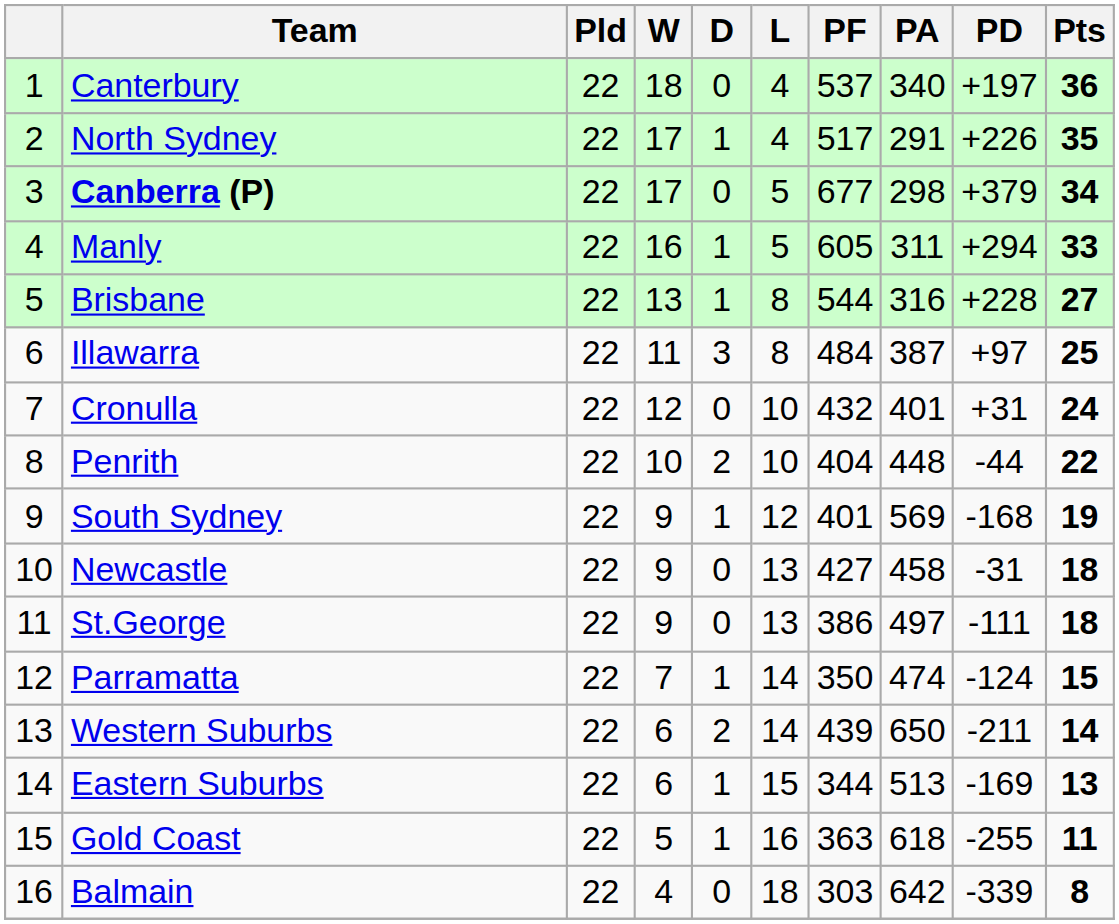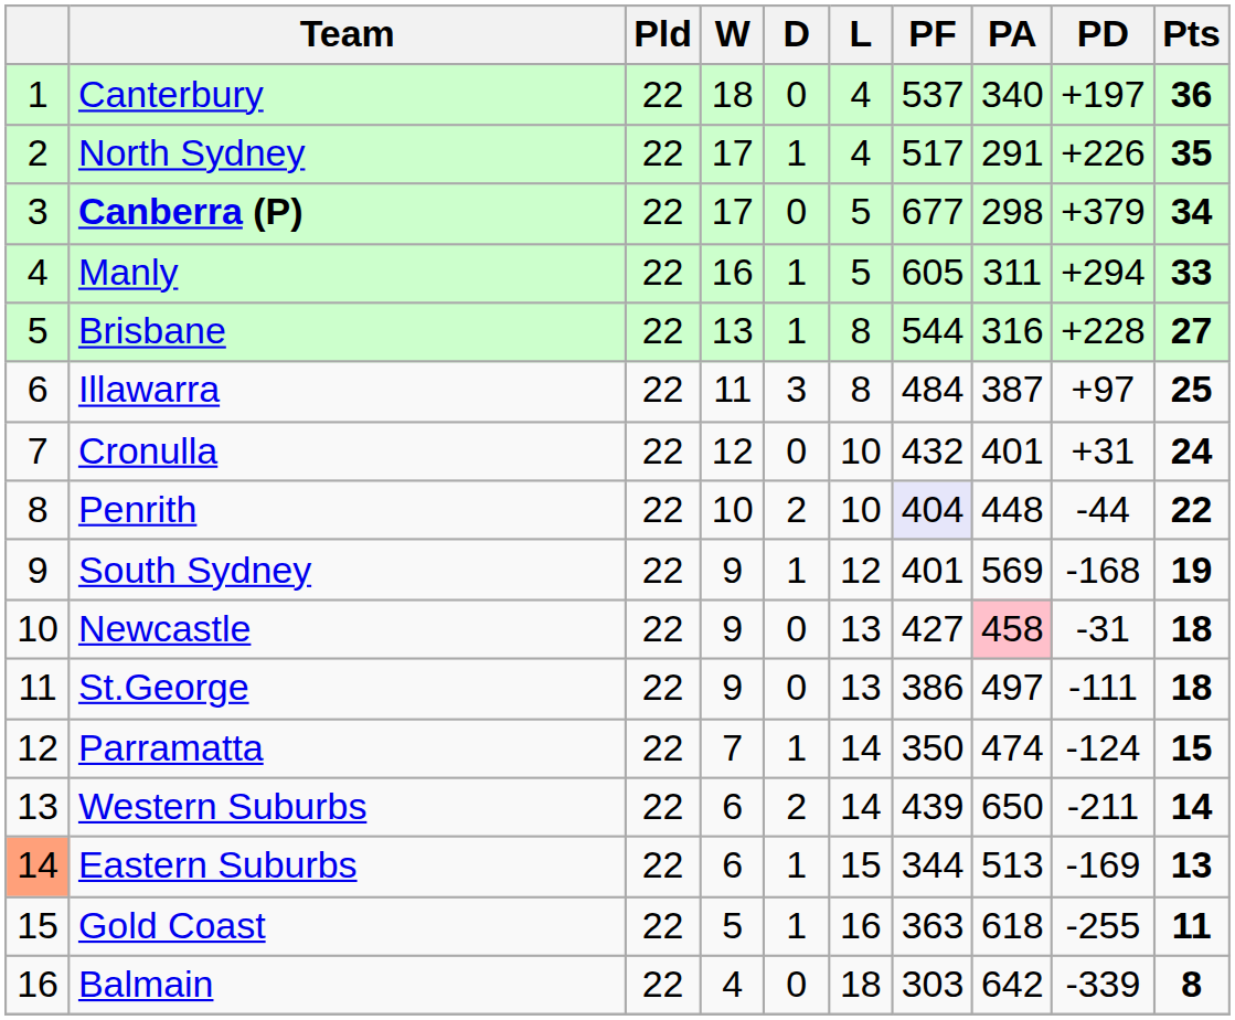 <table class="wikitable" style="text-align:center;">
 <tr>
 <th width=20 abbr="Position×"></th>
 <th width=230>Team</th>
 <th width=20 abbr="Played">Pld</th>
 <th width=20 abbr="Won">W</th>
 <th width=20 abbr="Drawn">D</th>
 <th width=20 abbr="Lost">L</th>
 <th width=20 abbr="Points for">PF</th>
 <th width=20 abbr="Points against">PA</th>
 <th width=20 abbr="Points difference">PD</th>
 <th width=20 abbr="Points">Pts</th>
 </tr>
 <tr style="background: #ccffcc;">
 <td>1</td>
 <td style="text-align:left;"> <a href='#'>Canterbury</a></td>
 <td>22</td>
 <td>18</td>
 <td>0</td>
 <td>4</td>
 <td>537</td>
 <td>340</td>
 <td>+197</td>
 <td><strong>36</strong></td>
 </tr>
 <tr style="background: #ccffcc;">
 <td>2</td>
 <td style="text-align:left;"> <a href='#'>North Sydney</a></td>
 <td>22</td>
 <td>17</td>
 <td>1</td>
 <td>4</td>
 <td>517</td>
 <td>291</td>
 <td>+226</td>
 <td><strong>35</strong></td>
 </tr>
 <tr style="background: #ccffcc;">
 <td>3</td>
 <td style="text-align:left;"><strong> <a href='#'>Canberra</a> (P)</strong></td>
 <td>22</td>
 <td>17</td>
 <td>0</td>
 <td>5</td>
 <td>677</td>
 <td>298</td>
 <td>+379</td>
 <td><strong>34</strong></td>
 </tr>
 <tr style="background: #ccffcc;">
 <td>4</td>
 <td style="text-align:left;"> <a href='#'>Manly</a></td>
 <td>22</td>
 <td>16</td>
 <td>1</td>
 <td>5</td>
 <td>605</td>
 <td>311</td>
 <td>+294</td>
 <td><strong>33</strong></td>
 </tr>
 <tr style="background: #ccffcc;">
 <td>5</td>
 <td style="text-align:left;"> <a href='#'>Brisbane</a></td>
 <td>22</td>
 <td>13</td>
 <td>1</td>
 <td>8</td>
 <td>544</td>
 <td>316</td>
 <td>+228</td>
 <td><strong>27</strong></td>
 </tr>
 <tr>
 <td>6</td>
 <td style="text-align:left;"> <a href='#'>Illawarra</a></td>
 <td>22</td>
 <td>11</td>
 <td>3</td>
 <td>8</td>
 <td>484</td>
 <td>387</td>
 <td>+97</td>
 <td><strong>25</strong></td>
 </tr>
 <tr>
 <td>7</td>
 <td style="text-align:left;"> <a href='#'>Cronulla</a></td>
 <td>22</td>
 <td>12</td>
 <td>0</td>
 <td>10</td>
 <td>432</td>
 <td>401</td>
 <td>+31</td>
 <td><strong>24</strong></td>
 </tr>
 <tr>
 <td>8</td>
 <td style="text-align:left;"> <a href='#'>Penrith</a></td>
 <td>22</td>
 <td>10</td>
 <td>2</td>
 <td>10</td>
-<td>404</td>
+<td style="background: lavender;">404</td>
 <td>448</td>
 <td>-44</td>
 <td><strong>22</strong></td>
 </tr>
 <tr>
 <td>9</td>
 <td style="text-align:left;"> <a href='#'>South Sydney</a></td>
 <td>22</td>
 <td>9</td>
 <td>1</td>
 <td>12</td>
 <td>401</td>
 <td>569</td>
 <td>-168</td>
 <td><strong>19</strong></td>
 </tr>
 <tr>
 <td>10</td>
 <td style="text-align:left;"> <a href='#'>Newcastle</a></td>
 <td>22</td>
 <td>9</td>
 <td>0</td>
 <td>13</td>
 <td>427</td>
-<td>458</td>
+<td style="background: pink;">458</td>
 <td>-31</td>
 <td><strong>18</strong></td>
 </tr>
 <tr>
 <td>11</td>
 <td style="text-align:left;"> <a href='#'>St.George</a></td>
 <td>22</td>
 <td>9</td>
 <td>0</td>
 <td>13</td>
 <td>386</td>
 <td>497</td>
 <td>-111</td>
 <td><strong>18</strong></td>
 </tr>
 <tr>
 <td>12</td>
 <td style="text-align:left;"> <a href='#'>Parramatta</a></td>
 <td>22</td>
 <td>7</td>
 <td>1</td>
 <td>14</td>
 <td>350</td>
 <td>474</td>
 <td>-124</td>
 <td><strong>15</strong></td>
 </tr>
 <tr>
 <td>13</td>
 <td style="text-align:left;"> <a href='#'>Western Suburbs</a></td>
 <td>22</td>
 <td>6</td>
 <td>2</td>
 <td>14</td>
 <td>439</td>
 <td>650</td>
 <td>-211</td>
 <td><strong>14</strong></td>
 </tr>
 <tr>
-<td>14</td>
+<td style="background: lightsalmon;">14</td>
 <td style="text-align:left;"> <a href='#'>Eastern Suburbs</a></td>
 <td>22</td>
 <td>6</td>
 <td>1</td>
 <td>15</td>
 <td>344</td>
 <td>513</td>
 <td>-169</td>
 <td><strong>13</strong></td>
 </tr>
 <tr>
 <td>15</td>
 <td style="text-align:left;"> <a href='#'>Gold Coast</a></td>
 <td>22</td>
 <td>5</td>
 <td>1</td>
 <td>16</td>
 <td>363</td>
 <td>618</td>
 <td>-255</td>
 <td><strong>11</strong></td>
 </tr>
 <tr>
 <td>16</td>
 <td style="text-align:left;"> <a href='#'>Balmain</a></td>
 <td>22</td>
 <td>4</td>
 <td>0</td>
 <td>18</td>
 <td>303</td>
 <td>642</td>
 <td>-339</td>
 <td><strong>8</strong></td>
 </tr>
 <tr>
 </tr>
 </table>
